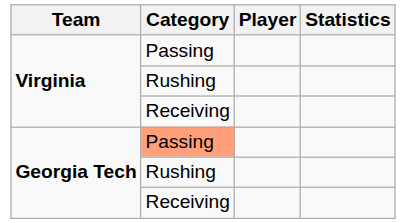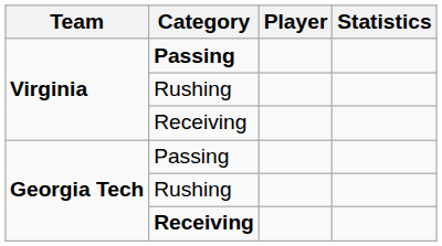 <table class="wikitable" style="float: right;">
 <tr>
 <th>Team</th>
 <th>Category</th>
 <th>Player</th>
 <th>Statistics</th>
 </tr>
 <tr>
 <td rowspan=3><strong>Virginia</strong></td>
-<td>Passing</td>
+<td><strong>Passing</strong></td>
 <td></td>
 <td></td>
 </tr>
 <tr>
 <td>Rushing</td>
 <td></td>
 <td></td>
 </tr>
 <tr>
 <td>Receiving</td>
 <td></td>
 <td></td>
 </tr>
 <tr>
 <td rowspan=3><strong>Georgia Tech</strong></td>
-<td style="background: lightsalmon;">Passing</td>
+<td>Passing</td>
 <td></td>
 <td></td>
 </tr>
 <tr>
 <td>Rushing</td>
 <td></td>
 <td></td>
 </tr>
 <tr>
-<td>Receiving</td>
+<td><strong>Receiving</strong></td>
 <td></td>
 <td></td>
 </tr>
 </table>
